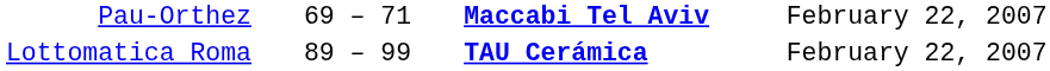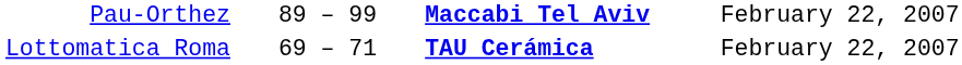 <table style="text-align:center">
 <tr>
 <th width=160></th>
 <th width=100></th>
 <th width=160></th>
 <th width=200></th>
 </tr>
 <tr>
 <td align=right><a href='#'>Pau-Orthez</a> </td>
-<td>69 – 71</td>
+<td>89 – 99</td>
 <td align=left> <strong><a href='#'>Maccabi Tel Aviv</a></strong></td>
 <td align=left>February 22, 2007</td>
 </tr>
 <tr>
 <td align=right><a href='#'>Lottomatica Roma</a> </td>
-<td>89 – 99</td>
+<td>69 – 71</td>
 <td align=left> <strong><a href='#'>TAU Cerámica</a></strong></td>
 <td align=left>February 22, 2007</td>
 </tr>
 </table>
